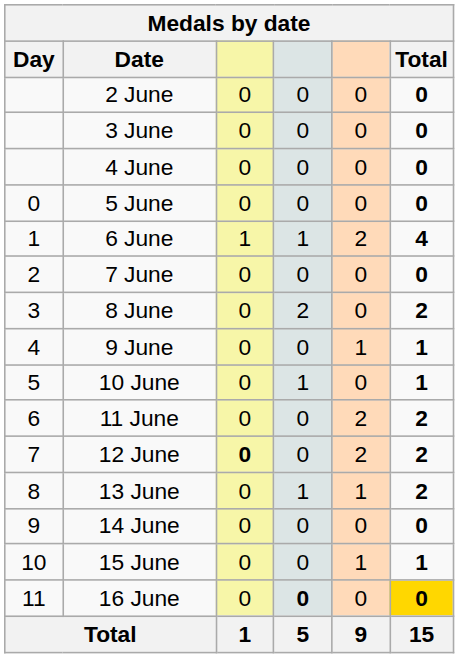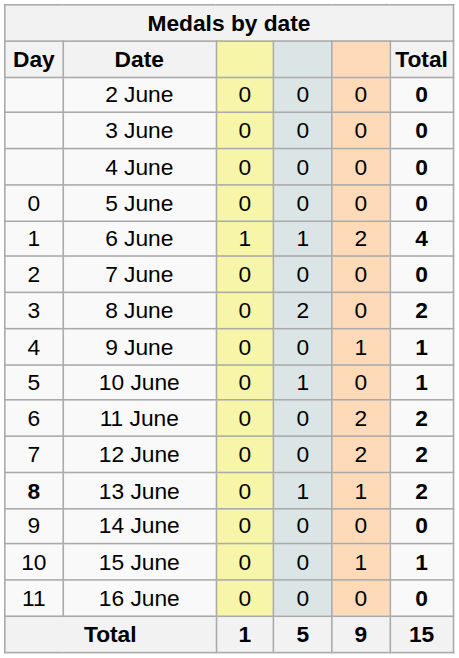 <table class="wikitable" style="font-size:90%; text-align:center;">
 <tr style="background:#efefef;">
 <th colspan=6><strong>Medals by date</strong></th>
 </tr>
 <tr>
 <th width=30><strong>Day</strong></th>
 <th width=90><strong>Date</strong></th>
 <th width=30 style="background:#F7F6A8;"></th>
 <th width=30 style="background:#DCE5E5;"></th>
 <th width=30 style="background:#FFDAB9;"></th>
 <th width=30><strong>Total</strong></th>
 </tr>
 <tr>
 <td></td>
 <td>2 June</td>
 <td style="background:#F7F6A8;">0</td>
 <td style="background:#DCE5E5;">0</td>
 <td style="background:#FFDAB9;">0</td>
 <td><strong>0</strong></td>
 </tr>
 <tr>
 <td></td>
 <td>3 June</td>
 <td style="background:#F7F6A8;">0</td>
 <td style="background:#DCE5E5;">0</td>
 <td style="background:#FFDAB9;">0</td>
 <td><strong>0</strong></td>
 </tr>
 <tr>
 <td></td>
 <td>4 June</td>
 <td style="background:#F7F6A8;">0</td>
 <td style="background:#DCE5E5;">0</td>
 <td style="background:#FFDAB9;">0</td>
 <td><strong>0</strong></td>
 </tr>
 <tr>
 <td>0</td>
 <td>5 June</td>
 <td style="background:#F7F6A8;">0</td>
 <td style="background:#DCE5E5;">0</td>
 <td style="background:#FFDAB9;">0</td>
 <td><strong>0</strong></td>
 </tr>
 <tr>
 <td>1</td>
 <td>6 June</td>
 <td style="background:#F7F6A8;">1</td>
 <td style="background:#DCE5E5;">1</td>
 <td style="background:#FFDAB9;">2</td>
 <td><strong>4</strong></td>
 </tr>
 <tr>
 <td>2</td>
 <td>7 June</td>
 <td style="background:#F7F6A8;">0</td>
 <td style="background:#DCE5E5;">0</td>
 <td style="background:#FFDAB9;">0</td>
 <td><strong>0</strong></td>
 </tr>
 <tr>
 <td>3</td>
 <td>8 June</td>
 <td style="background:#F7F6A8;">0</td>
 <td style="background:#DCE5E5;">2</td>
 <td style="background:#FFDAB9;">0</td>
 <td><strong>2</strong></td>
 </tr>
 <tr>
 <td>4</td>
 <td>9 June</td>
 <td style="background:#F7F6A8;">0</td>
 <td style="background:#DCE5E5;">0</td>
 <td style="background:#FFDAB9;">1</td>
 <td><strong>1</strong></td>
 </tr>
 <tr>
 <td>5</td>
 <td>10 June</td>
 <td style="background:#F7F6A8;">0</td>
 <td style="background:#DCE5E5;">1</td>
 <td style="background:#FFDAB9;">0</td>
 <td><strong>1</strong></td>
 </tr>
 <tr>
 <td>6</td>
 <td>11 June</td>
 <td style="background:#F7F6A8;">0</td>
 <td style="background:#DCE5E5;">0</td>
 <td style="background:#FFDAB9;">2</td>
 <td><strong>2</strong></td>
 </tr>
 <tr>
 <td>7</td>
 <td>12 June</td>
-<td style="background:#F7F6A8;"><strong>0</strong></td>
+<td style="background:#F7F6A8;">0</td>
 <td style="background:#DCE5E5;">0</td>
 <td style="background:#FFDAB9;">2</td>
 <td><strong>2</strong></td>
 </tr>
 <tr>
-<td>8</td>
+<td><strong>8</strong></td>
 <td>13 June</td>
 <td style="background:#F7F6A8;">0</td>
 <td style="background:#DCE5E5;">1</td>
 <td style="background:#FFDAB9;">1</td>
 <td><strong>2</strong></td>
 </tr>
 <tr>
 <td>9</td>
 <td>14 June</td>
 <td style="background:#F7F6A8;">0</td>
 <td style="background:#DCE5E5;">0</td>
 <td style="background:#FFDAB9;">0</td>
 <td><strong>0</strong></td>
 </tr>
 <tr>
 <td>10</td>
 <td>15 June</td>
 <td style="background:#F7F6A8;">0</td>
 <td style="background:#DCE5E5;">0</td>
 <td style="background:#FFDAB9;">1</td>
 <td><strong>1</strong></td>
 </tr>
 <tr>
 <td>11</td>
 <td>16 June</td>
 <td style="background:#F7F6A8;">0</td>
-<td style="background:#DCE5E5;"><strong>0</strong></td>
+<td style="background:#DCE5E5;">0</td>
 <td style="background:#FFDAB9;">0</td>
-<td style="background: gold;"><strong>0</strong></td>
+<td><strong>0</strong></td>
 </tr>
 <tr>
 <th colspan="2"><strong>Total</strong></th>
 <th><strong>1</strong></th>
 <th><strong>5</strong></th>
 <th><strong>9</strong></th>
 <th><strong>15</strong></th>
 </tr>
 </table>
